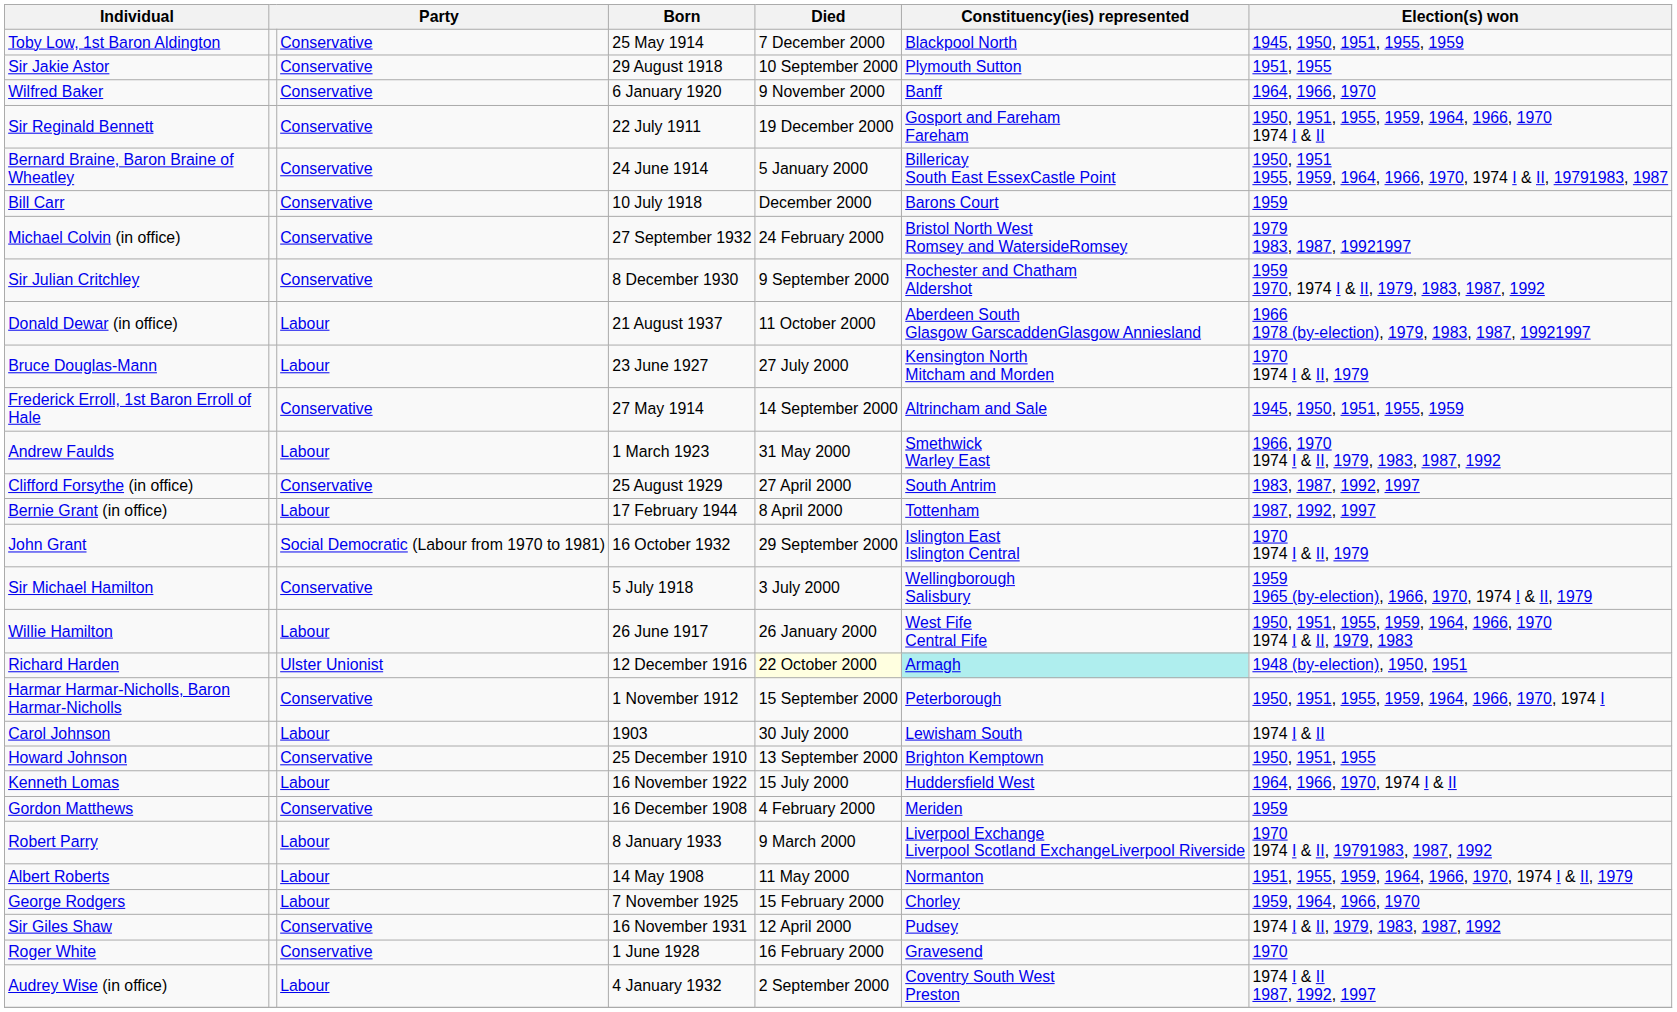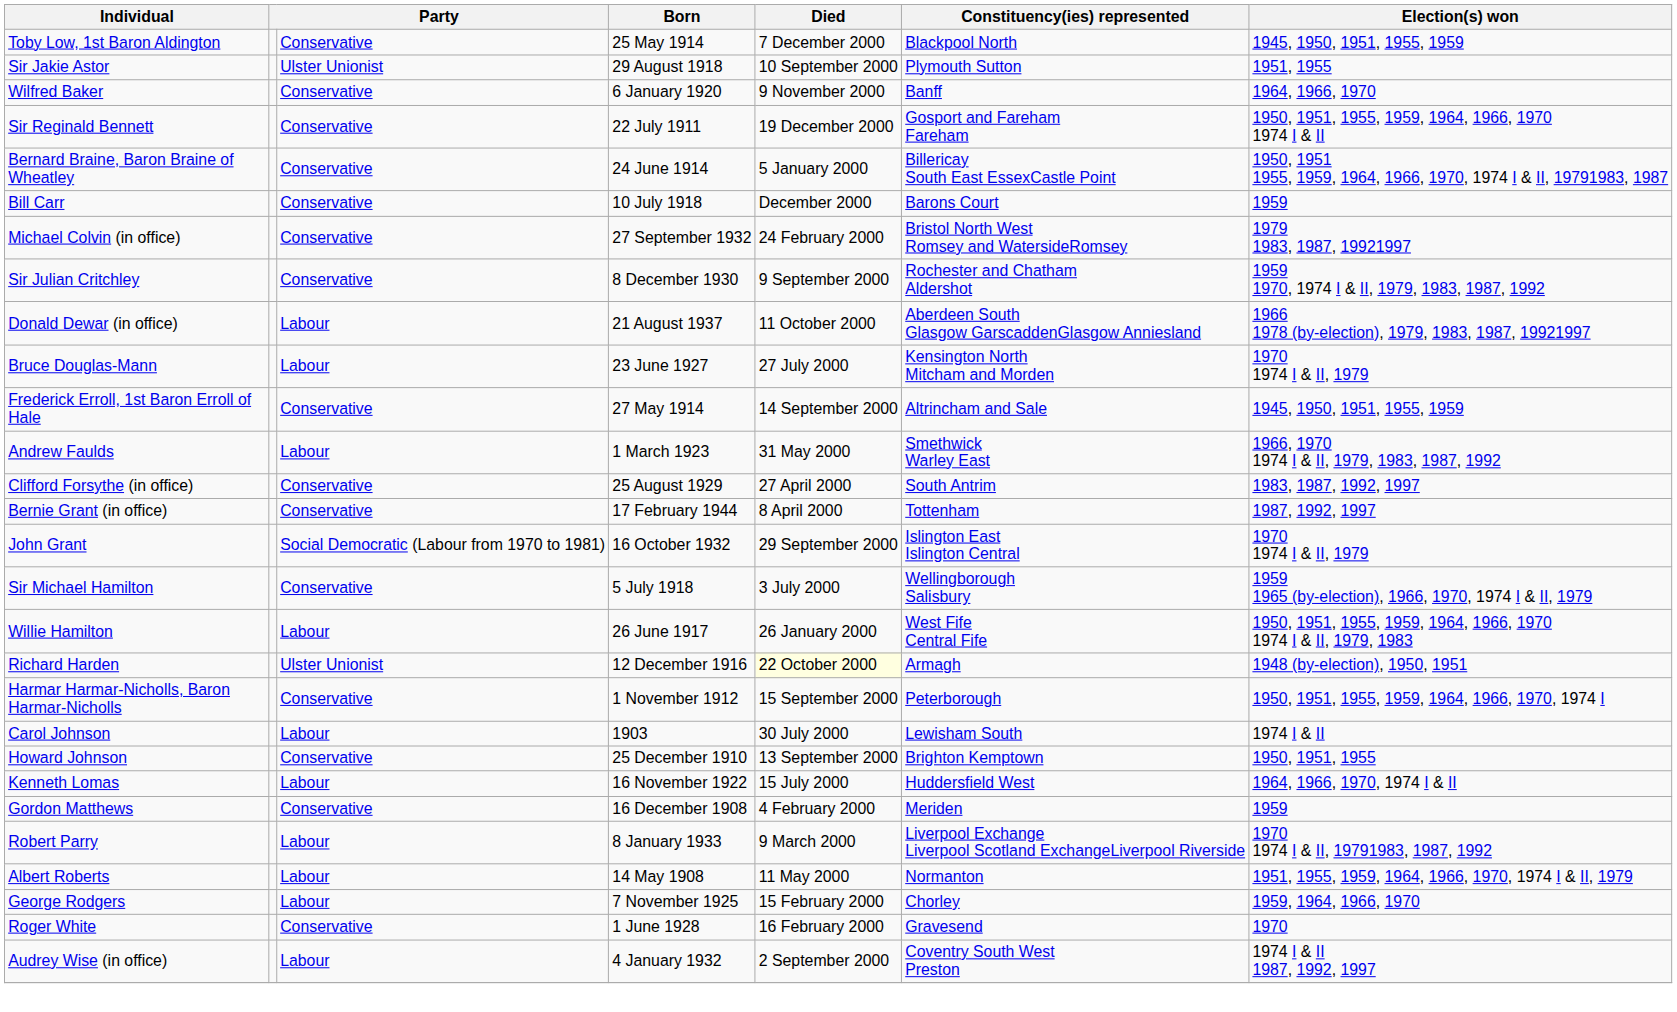 <table class="wikitable sortable">
 <tr>
 <th width="260px">Individual</th>
 <th colspan="2">Party</th>
 <th>Born</th>
 <th>Died</th>
 <th>Constituency(ies) represented</th>
 <th>Election(s) won</th>
 </tr>
 <tr>
 <td><a href='#'>Toby Low, 1st Baron Aldington</a></td>
 <td style="background-color: "></td>
 <td><a href='#'>Conservative</a></td>
 <td>25 May 1914</td>
 <td>7 December 2000</td>
 <td><a href='#'>Blackpool North</a></td>
 <td><a href='#'>1945</a>, <a href='#'>1950</a>, <a href='#'>1951</a>, <a href='#'>1955</a>, <a href='#'>1959</a></td>
 </tr>
 <tr>
 <td><a href='#'>Sir Jakie Astor</a></td>
 <td style="background-color: "></td>
-<td><a href='#'>Conservative</a></td>
+<td><a href='#'>Ulster Unionist</a></td>
 <td>29 August 1918</td>
 <td>10 September 2000</td>
 <td><a href='#'>Plymouth Sutton</a></td>
 <td><a href='#'>1951</a>, <a href='#'>1955</a></td>
 </tr>
 <tr>
 <td><a href='#'>Wilfred Baker</a></td>
 <td style="background-color: "></td>
 <td><a href='#'>Conservative</a></td>
 <td>6 January 1920</td>
 <td>9 November 2000</td>
 <td><a href='#'>Banff</a></td>
 <td><a href='#'>1964</a>, <a href='#'>1966</a>, <a href='#'>1970</a></td>
 </tr>
 <tr>
 <td><a href='#'>Sir Reginald Bennett</a></td>
 <td style="background-color: "></td>
 <td><a href='#'>Conservative</a></td>
 <td>22 July 1911</td>
 <td>19 December 2000</td>
 <td><a href='#'>Gosport and Fareham</a><br><a href='#'>Fareham</a></td>
 <td><a href='#'>1950</a>, <a href='#'>1951</a>, <a href='#'>1955</a>, <a href='#'>1959</a>, <a href='#'>1964</a>, <a href='#'>1966</a>, <a href='#'>1970</a><br>1974 <a href='#'>I</a> & <a href='#'>II</a></td>
 </tr>
 <tr>
 <td><a href='#'>Bernard Braine, Baron Braine of Wheatley</a></td>
 <td style="background-color: "></td>
 <td><a href='#'>Conservative</a></td>
 <td>24 June 1914</td>
 <td>5 January 2000</td>
 <td><a href='#'>Billericay</a><br><a href='#'>South East Essex</a><a href='#'>Castle Point</a></td>
 <td><a href='#'>1950</a>, <a href='#'>1951</a><br><a href='#'>1955</a>, <a href='#'>1959</a>, <a href='#'>1964</a>, <a href='#'>1966</a>, <a href='#'>1970</a>, 1974 <a href='#'>I</a> & <a href='#'>II</a>, <a href='#'>1979</a><a href='#'>1983</a>, <a href='#'>1987</a></td>
 </tr>
 <tr>
 <td><a href='#'>Bill Carr</a></td>
 <td style="background-color: "></td>
 <td><a href='#'>Conservative</a></td>
 <td>10 July 1918</td>
 <td>December 2000</td>
 <td><a href='#'>Barons Court</a></td>
 <td><a href='#'>1959</a></td>
 </tr>
 <tr>
 <td><a href='#'>Michael Colvin</a> (in office)</td>
 <td style="background-color: "></td>
 <td><a href='#'>Conservative</a></td>
 <td>27 September 1932</td>
 <td>24 February 2000</td>
 <td><a href='#'>Bristol North West</a><br><a href='#'>Romsey and Waterside</a><a href='#'>Romsey</a></td>
 <td><a href='#'>1979</a><br><a href='#'>1983</a>, <a href='#'>1987</a>, <a href='#'>1992</a><a href='#'>1997</a></td>
 </tr>
 <tr>
 <td><a href='#'>Sir Julian Critchley</a></td>
 <td style="background-color: "></td>
 <td><a href='#'>Conservative</a></td>
 <td>8 December 1930</td>
 <td>9 September 2000</td>
 <td><a href='#'>Rochester and Chatham</a><br><a href='#'>Aldershot</a></td>
 <td><a href='#'>1959</a><br><a href='#'>1970</a>, 1974 <a href='#'>I</a> & <a href='#'>II</a>, <a href='#'>1979</a>, <a href='#'>1983</a>, <a href='#'>1987</a>, <a href='#'>1992</a></td>
 </tr>
 <tr>
 <td><a href='#'>Donald Dewar</a> (in office)</td>
 <td style="background-color: "></td>
 <td><a href='#'>Labour</a></td>
 <td>21 August 1937</td>
 <td>11 October 2000</td>
 <td><a href='#'>Aberdeen South</a><br><a href='#'>Glasgow Garscadden</a><a href='#'>Glasgow Anniesland</a></td>
 <td><a href='#'>1966</a><br><a href='#'>1978 (by-election)</a>, <a href='#'>1979</a>, <a href='#'>1983</a>, <a href='#'>1987</a>, <a href='#'>1992</a><a href='#'>1997</a></td>
 </tr>
 <tr>
 <td><a href='#'>Bruce Douglas-Mann</a></td>
 <td style="background-color: "></td>
 <td><a href='#'>Labour</a></td>
 <td>23 June 1927</td>
 <td>27 July 2000</td>
 <td><a href='#'>Kensington North</a><br><a href='#'>Mitcham and Morden</a></td>
 <td><a href='#'>1970</a><br>1974 <a href='#'>I</a> & <a href='#'>II</a>, <a href='#'>1979</a></td>
 </tr>
 <tr>
 <td><a href='#'>Frederick Erroll, 1st Baron Erroll of Hale</a></td>
 <td style="background-color: "></td>
 <td><a href='#'>Conservative</a></td>
 <td>27 May 1914</td>
 <td>14 September 2000</td>
 <td><a href='#'>Altrincham and Sale</a></td>
 <td><a href='#'>1945</a>, <a href='#'>1950</a>, <a href='#'>1951</a>, <a href='#'>1955</a>, <a href='#'>1959</a></td>
 </tr>
 <tr>
 <td><a href='#'>Andrew Faulds</a></td>
 <td style="background-color: "></td>
 <td><a href='#'>Labour</a></td>
 <td>1 March 1923</td>
 <td>31 May 2000</td>
 <td><a href='#'>Smethwick</a><br><a href='#'>Warley East</a></td>
 <td><a href='#'>1966</a>, <a href='#'>1970</a><br>1974 <a href='#'>I</a> & <a href='#'>II</a>, <a href='#'>1979</a>, <a href='#'>1983</a>, <a href='#'>1987</a>, <a href='#'>1992</a></td>
 </tr>
 <tr>
 <td><a href='#'>Clifford Forsythe</a> (in office)</td>
 <td style="background-color: "></td>
 <td><a href='#'>Conservative</a></td>
 <td>25 August 1929</td>
 <td>27 April 2000</td>
 <td><a href='#'>South Antrim</a></td>
 <td><a href='#'>1983</a>, <a href='#'>1987</a>, <a href='#'>1992</a>, <a href='#'>1997</a></td>
 </tr>
 <tr>
 <td><a href='#'>Bernie Grant</a> (in office)</td>
 <td style="background-color: "></td>
-<td><a href='#'>Labour</a></td>
+<td><a href='#'>Conservative</a></td>
 <td>17 February 1944</td>
 <td>8 April 2000</td>
 <td><a href='#'>Tottenham</a></td>
 <td><a href='#'>1987</a>, <a href='#'>1992</a>, <a href='#'>1997</a></td>
 </tr>
 <tr>
 <td><a href='#'>John Grant</a></td>
 <td style="background-color: "></td>
 <td><a href='#'>Social Democratic</a> (Labour from 1970 to 1981)</td>
 <td>16 October 1932</td>
 <td>29 September 2000</td>
 <td><a href='#'>Islington East</a><br><a href='#'>Islington Central</a></td>
 <td><a href='#'>1970</a><br>1974 <a href='#'>I</a> & <a href='#'>II</a>, <a href='#'>1979</a></td>
 </tr>
 <tr>
 <td><a href='#'>Sir Michael Hamilton</a></td>
 <td style="background-color: "></td>
 <td><a href='#'>Conservative</a></td>
 <td>5 July 1918</td>
 <td>3 July 2000</td>
 <td><a href='#'>Wellingborough</a><br><a href='#'>Salisbury</a></td>
 <td><a href='#'>1959</a><br><a href='#'>1965 (by-election)</a>, <a href='#'>1966</a>, <a href='#'>1970</a>, 1974 <a href='#'>I</a> & <a href='#'>II</a>, <a href='#'>1979</a></td>
 </tr>
 <tr>
 <td><a href='#'>Willie Hamilton</a></td>
 <td style="background-color: "></td>
 <td><a href='#'>Labour</a></td>
 <td>26 June 1917</td>
 <td>26 January 2000</td>
 <td><a href='#'>West Fife</a><br><a href='#'>Central Fife</a></td>
 <td><a href='#'>1950</a>, <a href='#'>1951</a>, <a href='#'>1955</a>, <a href='#'>1959</a>, <a href='#'>1964</a>, <a href='#'>1966</a>, <a href='#'>1970</a><br>1974 <a href='#'>I</a> & <a href='#'>II</a>, <a href='#'>1979</a>, <a href='#'>1983</a></td>
 </tr>
 <tr>
 <td><a href='#'>Richard Harden</a></td>
 <td style="background-color: "></td>
 <td><a href='#'>Ulster Unionist</a></td>
 <td>12 December 1916</td>
 <td style="background: lightyellow;">22 October 2000</td>
-<td style="background: paleturquoise;"><a href='#'>Armagh</a></td>
+<td><a href='#'>Armagh</a></td>
 <td><a href='#'>1948 (by-election)</a>, <a href='#'>1950</a>, <a href='#'>1951</a></td>
 </tr>
 <tr>
 <td><a href='#'>Harmar Harmar-Nicholls, Baron Harmar-Nicholls</a></td>
 <td style="background-color: "></td>
 <td><a href='#'>Conservative</a></td>
 <td>1 November 1912</td>
 <td>15 September 2000</td>
 <td><a href='#'>Peterborough</a></td>
 <td><a href='#'>1950</a>, <a href='#'>1951</a>, <a href='#'>1955</a>, <a href='#'>1959</a>, <a href='#'>1964</a>, <a href='#'>1966</a>, <a href='#'>1970</a>, 1974 <a href='#'>I</a></td>
 </tr>
 <tr>
 <td><a href='#'>Carol Johnson</a></td>
 <td style="background-color: "></td>
 <td><a href='#'>Labour</a></td>
 <td>1903</td>
 <td>30 July 2000</td>
 <td><a href='#'>Lewisham South</a></td>
 <td>1974 <a href='#'>I</a> & <a href='#'>II</a></td>
 </tr>
 <tr>
 <td><a href='#'>Howard Johnson</a></td>
 <td style="background-color: "></td>
 <td><a href='#'>Conservative</a></td>
 <td>25 December 1910</td>
 <td>13 September 2000</td>
 <td><a href='#'>Brighton Kemptown</a></td>
 <td><a href='#'>1950</a>, <a href='#'>1951</a>, <a href='#'>1955</a></td>
 </tr>
 <tr>
 <td><a href='#'>Kenneth Lomas</a></td>
 <td style="background-color: "></td>
 <td><a href='#'>Labour</a></td>
 <td>16 November 1922</td>
 <td>15 July 2000</td>
 <td><a href='#'>Huddersfield West</a></td>
 <td><a href='#'>1964</a>, <a href='#'>1966</a>, <a href='#'>1970</a>, 1974 <a href='#'>I</a> & <a href='#'>II</a></td>
 </tr>
 <tr>
 <td><a href='#'>Gordon Matthews</a></td>
 <td style="background-color: "></td>
 <td><a href='#'>Conservative</a></td>
 <td>16 December 1908</td>
 <td>4 February 2000</td>
 <td><a href='#'>Meriden</a></td>
 <td><a href='#'>1959</a></td>
 </tr>
 <tr>
 <td><a href='#'>Robert Parry</a></td>
 <td style="background-color: "></td>
 <td><a href='#'>Labour</a></td>
 <td>8 January 1933</td>
 <td>9 March 2000</td>
 <td><a href='#'>Liverpool Exchange</a><br><a href='#'>Liverpool Scotland Exchange</a><a href='#'>Liverpool Riverside</a></td>
 <td><a href='#'>1970</a><br>1974 <a href='#'>I</a> & <a href='#'>II</a>, <a href='#'>1979</a><a href='#'>1983</a>, <a href='#'>1987</a>, <a href='#'>1992</a></td>
 </tr>
 <tr>
 <td><a href='#'>Albert Roberts</a></td>
 <td style="background-color: "></td>
 <td><a href='#'>Labour</a></td>
 <td>14 May 1908</td>
 <td>11 May 2000</td>
 <td><a href='#'>Normanton</a></td>
 <td><a href='#'>1951</a>, <a href='#'>1955</a>, <a href='#'>1959</a>, <a href='#'>1964</a>, <a href='#'>1966</a>, <a href='#'>1970</a>, 1974 <a href='#'>I</a> & <a href='#'>II</a>, <a href='#'>1979</a></td>
 </tr>
 <tr>
 <td><a href='#'>George Rodgers</a></td>
 <td style="background-color: "></td>
 <td><a href='#'>Labour</a></td>
 <td>7 November 1925</td>
 <td>15 February 2000</td>
 <td><a href='#'>Chorley</a></td>
 <td><a href='#'>1959</a>, <a href='#'>1964</a>, <a href='#'>1966</a>, <a href='#'>1970</a></td>
 </tr>
 <tr>
-<td><a href='#'>Sir Giles Shaw</a></td>
-<td style="background-color: "></td>
-<td><a href='#'>Conservative</a></td>
-<td>16 November 1931</td>
-<td>12 April 2000</td>
-<td><a href='#'>Pudsey</a></td>
-<td>1974 <a href='#'>I</a> & <a href='#'>II</a>, <a href='#'>1979</a>, <a href='#'>1983</a>, <a href='#'>1987</a>, <a href='#'>1992</a></td>
-</tr>
-<tr>
 <td><a href='#'>Roger White</a></td>
 <td style="background-color: "></td>
 <td><a href='#'>Conservative</a></td>
 <td>1 June 1928</td>
 <td>16 February 2000</td>
 <td><a href='#'>Gravesend</a></td>
 <td><a href='#'>1970</a></td>
 </tr>
 <tr>
 <td><a href='#'>Audrey Wise</a> (in office)</td>
 <td style="background-color: "></td>
 <td><a href='#'>Labour</a></td>
 <td>4 January 1932</td>
 <td>2 September 2000</td>
 <td><a href='#'>Coventry South West</a><br><a href='#'>Preston</a></td>
 <td>1974 <a href='#'>I</a> & <a href='#'>II</a><br><a href='#'>1987</a>, <a href='#'>1992</a>, <a href='#'>1997</a></td>
 </tr>
 <tr>
 </tr>
 </table>
